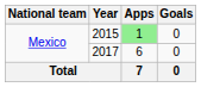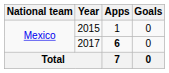 <table class="wikitable" style="text-align: center;">
 <tr>
 <th>National team</th>
 <th>Year</th>
 <th>Apps</th>
 <th>Goals</th>
 </tr>
 <tr>
 <td rowspan="2" valign="center"><a href='#'>Mexico</a></td>
 <td>2015</td>
-<td style="background: lightgreen;">1</td>
+<td>1</td>
 <td>0</td>
 </tr>
 <tr>
 <td>2017</td>
-<td>6</td>
+<td><strong>6</strong></td>
 <td>0</td>
 </tr>
 <tr>
 <th colspan="2">Total</th>
 <th>7</th>
 <th>0</th>
 </tr>
 </table>
